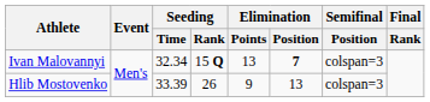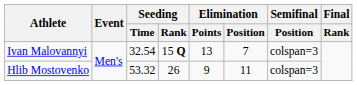 <table class=wikitable style=font-size:90%;text-align:center>
 <tr>
 <th rowspan=2>Athlete</th>
 <th rowspan=2>Event</th>
 <th colspan=2>Seeding</th>
 <th colspan=2>Elimination</th>
 <th>Semifinal</th>
 <th colspan=2>Final</th>
 </tr>
 <tr style=font-size:95%>
 <th>Time</th>
 <th>Rank</th>
 <th>Points</th>
 <th>Position</th>
 <th>Position</th>
 <th>Rank</th>
 </tr>
 <tr>
 <td align=left><a href='#'>Ivan Malovannyi</a></td>
 <td align=left rowspan=2><a href='#'>Men's</a></td>
-<td>32.34</td>
+<td>32.54</td>
 <td>15 <strong>Q</strong></td>
 <td>13</td>
-<td><strong>7</strong></td>
+<td>7</td>
 <td>colspan=3 </td>
 </tr>
 <tr>
 <td align=left><a href='#'>Hlib Mostovenko</a></td>
-<td>33.39</td>
+<td>53.32</td>
 <td>26</td>
 <td>9</td>
-<td>13</td>
+<td>11</td>
 <td>colspan=3 </td>
 </tr>
 </table>
